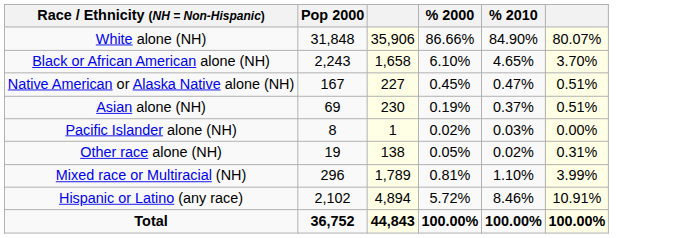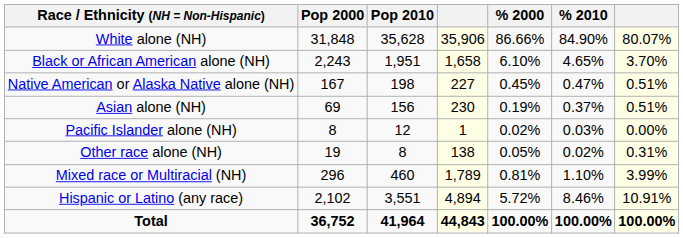 <table class="wikitable" style="text-align:center;">
 <tr>
 <th>Race / Ethnicity <small>(<em>NH = Non-Hispanic</em>)</small></th>
 <th>Pop 2000</th>
+<th>Pop 2010</th>
 <th></th>
 <th>% 2000</th>
 <th>% 2010</th>
 <th></th>
 </tr>
 <tr>
 <td><a href='#'>White</a> alone (NH)</td>
 <td>31,848</td>
+<td>35,628</td>
 <td style='background: #ffffe6;'>35,906</td>
 <td>86.66%</td>
 <td>84.90%</td>
 <td style='background: #ffffe6;'>80.07%</td>
 </tr>
 <tr>
 <td><a href='#'>Black or African American</a> alone (NH)</td>
 <td>2,243</td>
+<td>1,951</td>
 <td style='background: #ffffe6;'>1,658</td>
 <td>6.10%</td>
 <td>4.65%</td>
 <td style='background: #ffffe6;'>3.70%</td>
 </tr>
 <tr>
 <td><a href='#'>Native American</a> or <a href='#'>Alaska Native</a> alone (NH)</td>
 <td>167</td>
+<td>198</td>
 <td style='background: #ffffe6;'>227</td>
 <td>0.45%</td>
 <td>0.47%</td>
 <td style='background: #ffffe6;'>0.51%</td>
 </tr>
 <tr>
 <td><a href='#'>Asian</a> alone (NH)</td>
 <td>69</td>
+<td>156</td>
 <td style='background: #ffffe6;'>230</td>
 <td>0.19%</td>
 <td>0.37%</td>
 <td style='background: #ffffe6;'>0.51%</td>
 </tr>
 <tr>
 <td><a href='#'>Pacific Islander</a> alone (NH)</td>
 <td>8</td>
+<td>12</td>
 <td style='background: #ffffe6;'>1</td>
 <td>0.02%</td>
 <td>0.03%</td>
 <td style='background: #ffffe6;'>0.00%</td>
 </tr>
 <tr>
 <td><a href='#'>Other race</a> alone (NH)</td>
 <td>19</td>
+<td>8</td>
 <td style='background: #ffffe6;'>138</td>
 <td>0.05%</td>
 <td>0.02%</td>
 <td style='background: #ffffe6;'>0.31%</td>
 </tr>
 <tr>
 <td><a href='#'>Mixed race or Multiracial</a> (NH)</td>
 <td>296</td>
+<td>460</td>
 <td style='background: #ffffe6;'>1,789</td>
 <td>0.81%</td>
 <td>1.10%</td>
 <td style='background: #ffffe6;'>3.99%</td>
 </tr>
 <tr>
 <td><a href='#'>Hispanic or Latino</a> (any race)</td>
 <td>2,102</td>
+<td>3,551</td>
 <td style='background: #ffffe6;'>4,894</td>
 <td>5.72%</td>
 <td>8.46%</td>
 <td style='background: #ffffe6;'>10.91%</td>
 </tr>
 <tr>
 <td><strong>Total</strong></td>
 <td><strong>36,752</strong></td>
+<td><strong>41,964</strong></td>
 <td style='background: #ffffe6;'><strong>44,843</strong></td>
 <td><strong>100.00%</strong></td>
 <td><strong>100.00%</strong></td>
 <td style='background: #ffffe6;'><strong>100.00%</strong></td>
 </tr>
 </table>
